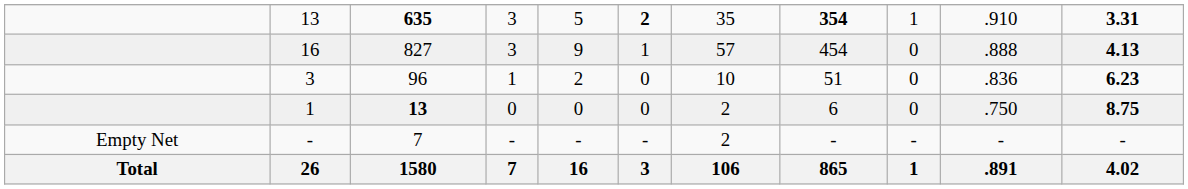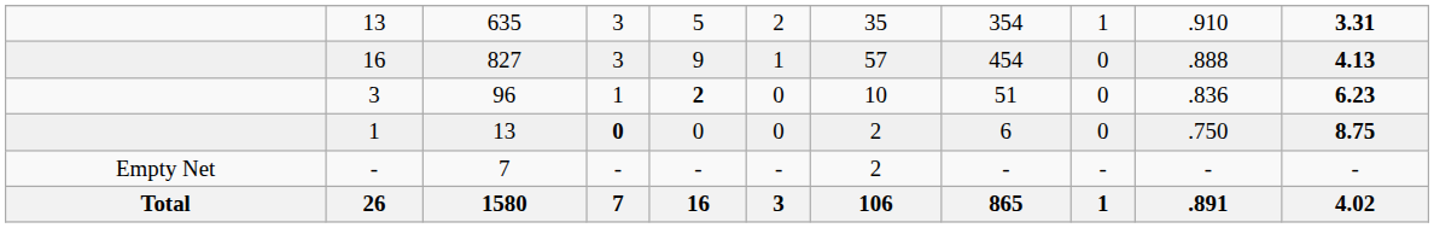 <table class="wikitable sortable" width ="1000">
 <tr align="center">
 </tr>
 <tr align="center" bgcolor="">
 <td></td>
 <td>13</td>
-<td><strong>635</strong></td>
+<td>635</td>
 <td>3</td>
 <td>5</td>
-<td><strong>2</strong></td>
+<td>2</td>
 <td>35</td>
-<td><strong>354</strong></td>
+<td>354</td>
 <td>1</td>
 <td>.910</td>
 <td><strong>3.31</strong></td>
 </tr>
 <tr align="center" bgcolor="f0f0f0">
 <td></td>
 <td>16</td>
 <td>827</td>
 <td>3</td>
 <td>9</td>
 <td>1</td>
 <td>57</td>
 <td>454</td>
 <td>0</td>
 <td>.888</td>
 <td><strong>4.13</strong></td>
 </tr>
 <tr align="center" bgcolor="">
 <td></td>
 <td>3</td>
 <td>96</td>
 <td>1</td>
-<td>2</td>
+<td><strong>2</strong></td>
 <td>0</td>
 <td>10</td>
 <td>51</td>
 <td>0</td>
 <td>.836</td>
 <td><strong>6.23</strong></td>
 </tr>
 <tr align="center" bgcolor="f0f0f0">
 <td></td>
 <td>1</td>
-<td><strong>13</strong></td>
-<td>0</td>
+<td>13</td>
+<td><strong>0</strong></td>
 <td>0</td>
 <td>0</td>
 <td>2</td>
 <td>6</td>
 <td>0</td>
 <td>.750</td>
 <td><strong>8.75</strong></td>
 </tr>
 <tr align="center" bgcolor="">
 <td>Empty Net</td>
 <td>-</td>
 <td>7</td>
 <td>-</td>
 <td>-</td>
 <td>-</td>
 <td>2</td>
 <td>-</td>
 <td>-</td>
 <td>-</td>
 <td>-</td>
 </tr>
 <tr>
 <th>Total</th>
 <th>26</th>
 <th>1580</th>
 <th>7</th>
 <th>16</th>
 <th>3</th>
 <th>106</th>
 <th>865</th>
 <th>1</th>
 <th>.891</th>
 <th>4.02</th>
 </tr>
 </table>
